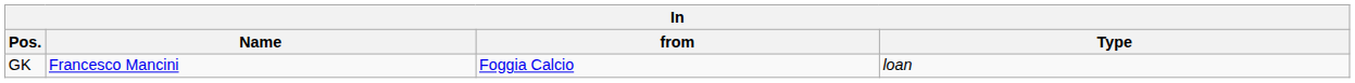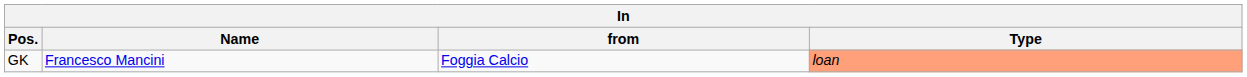 <table class="wikitable" style="font-size:90%;width:99%;">
 <tr>
 <th colspan="4">In</th>
 </tr>
 <tr>
 <th width=3%>Pos.</th>
 <th width=32%>Name</th>
 <th width=30%>from</th>
 <th width=35%>Type</th>
 </tr>
 <tr>
 <td>GK</td>
 <td><a href='#'>Francesco Mancini</a></td>
 <td><a href='#'>Foggia Calcio</a></td>
-<td><em>loan</em></td>
+<td style="background: lightsalmon;"><em>loan</em></td>
 </tr>
 </table>
